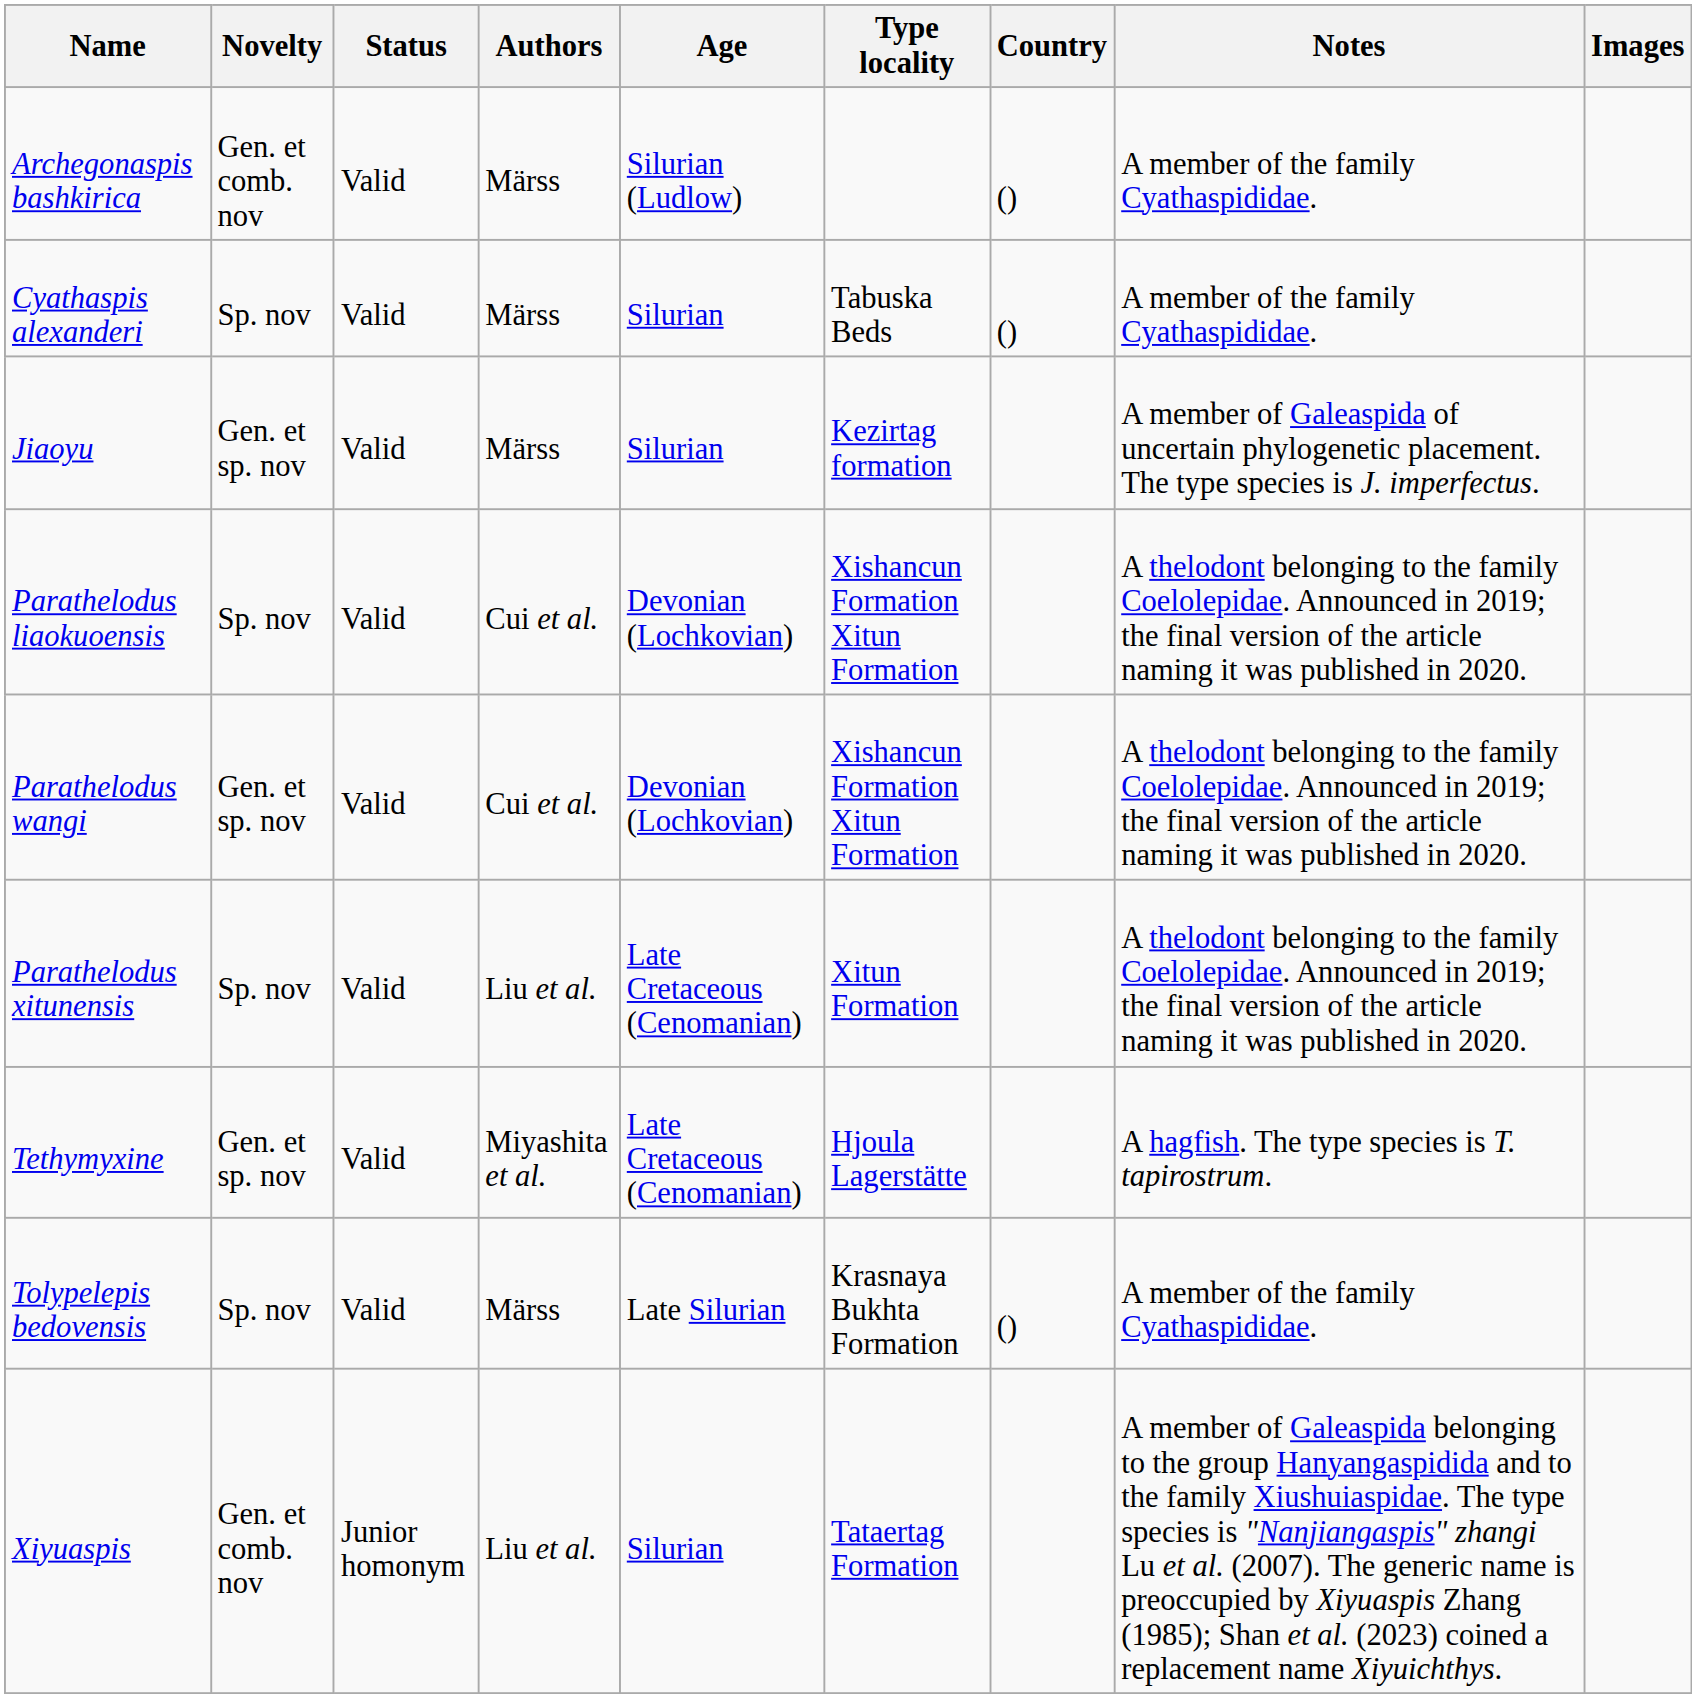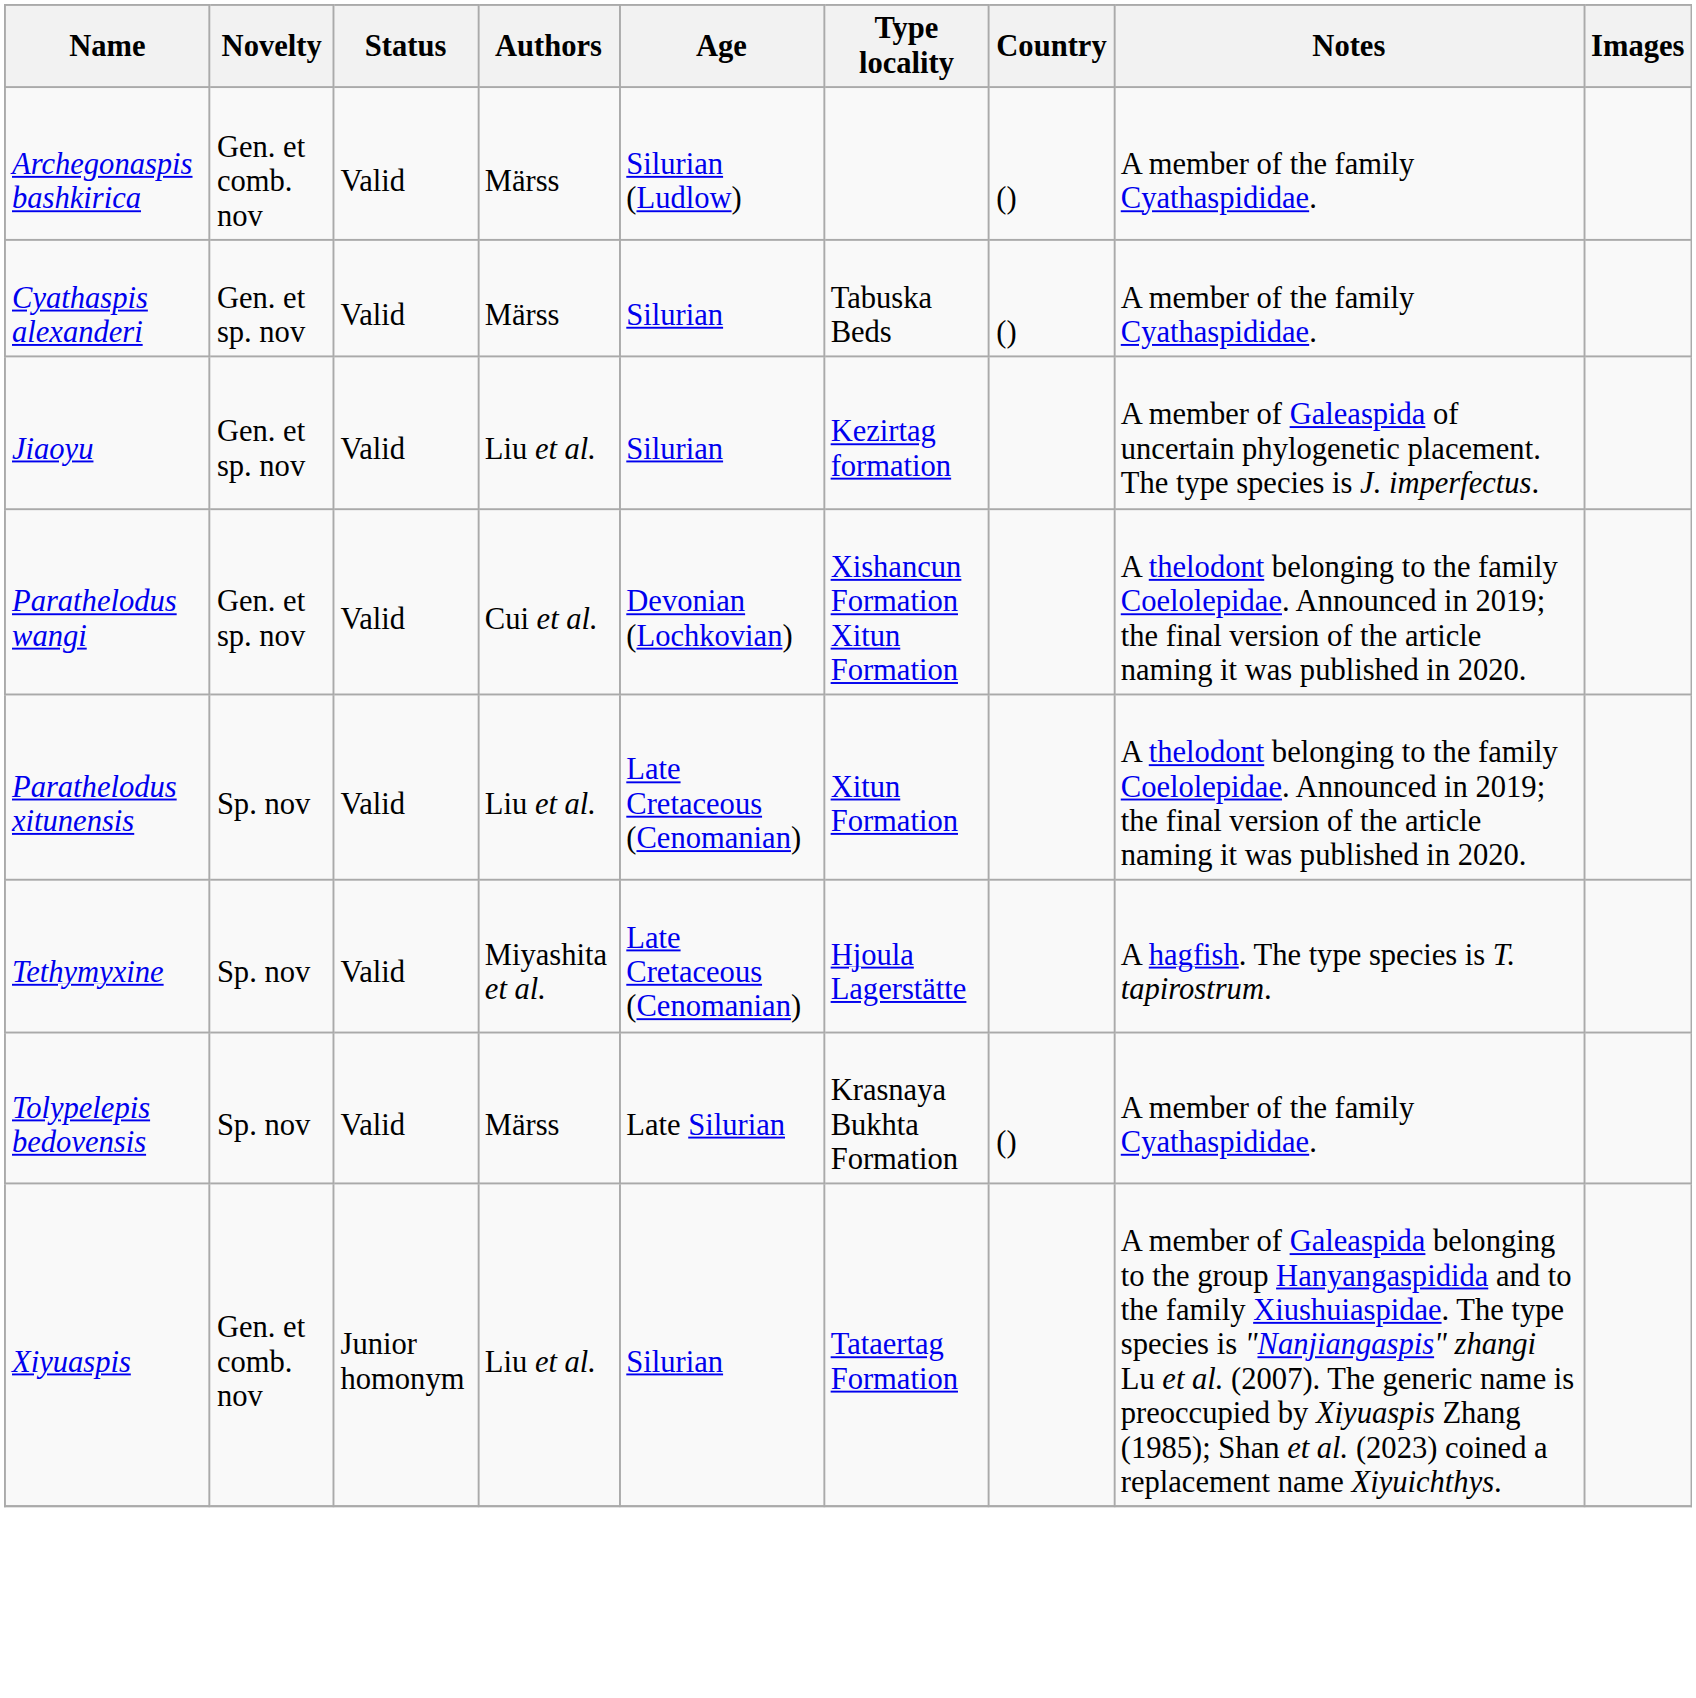 <table class="wikitable sortable" align="center" width="100%">
 <tr>
 <th>Name</th>
 <th>Novelty</th>
 <th>Status</th>
 <th>Authors</th>
 <th>Age</th>
 <th>Type locality</th>
 <th>Country</th>
 <th>Notes</th>
 <th>Images</th>
 </tr>
 <tr>
 <td><br><em><a href='#'>Archegonaspis bashkirica</a></em></td>
 <td><br>Gen. et comb. nov</td>
 <td><br>Valid</td>
 <td><br>Märss</td>
 <td><br><a href='#'>Silurian</a> (<a href='#'>Ludlow</a>)</td>
 <td></td>
 <td><br><br>()</td>
 <td><br>A member of the family <a href='#'>Cyathaspididae</a>.</td>
 <td></td>
 </tr>
 <tr>
 <td><br><em><a href='#'>Cyathaspis alexanderi</a></em></td>
-<td><br>Sp. nov</td>
+<td><br>Gen. et sp. nov</td>
 <td><br>Valid</td>
 <td><br>Märss</td>
 <td><br><a href='#'>Silurian</a></td>
 <td><br>Tabuska Beds</td>
 <td><br><br>()</td>
 <td><br>A member of the family <a href='#'>Cyathaspididae</a>.</td>
 <td></td>
 </tr>
 <tr>
 <td><br><em><a href='#'>Jiaoyu</a></em></td>
 <td><br>Gen. et sp. nov</td>
 <td><br>Valid</td>
-<td><br>Märss</td>
+<td><br>Liu <em>et al.</em></td>
 <td><br><a href='#'>Silurian</a></td>
 <td><br><a href='#'>Kezirtag formation</a></td>
 <td><br></td>
 <td><br>A member of <a href='#'>Galeaspida</a> of uncertain phylogenetic placement. The type species is <em>J. imperfectus</em>.</td>
-<td></td>
-</tr>
-<tr>
-<td><br><em><a href='#'>Parathelodus liaokuoensis</a></em></td>
-<td><br>Sp. nov</td>
-<td><br>Valid</td>
-<td><br>Cui <em>et al.</em></td>
-<td><br><a href='#'>Devonian</a> (<a href='#'>Lochkovian</a>)</td>
-<td><br><a href='#'>Xishancun Formation</a><br> <a href='#'>Xitun Formation</a></td>
-<td><br></td>
-<td><br>A <a href='#'>thelodont</a> belonging to the family <a href='#'>Coelolepidae</a>. Announced in 2019; the final version of the article naming it was published in 2020.</td>
 <td></td>
 </tr>
 <tr>
 <td><br><em><a href='#'>Parathelodus wangi</a></em></td>
 <td><br>Gen. et sp. nov</td>
 <td><br>Valid</td>
 <td><br>Cui <em>et al.</em></td>
 <td><br><a href='#'>Devonian</a> (<a href='#'>Lochkovian</a>)</td>
 <td><br><a href='#'>Xishancun Formation</a><br> <a href='#'>Xitun Formation</a></td>
 <td><br></td>
 <td><br>A <a href='#'>thelodont</a> belonging to the family <a href='#'>Coelolepidae</a>. Announced in 2019; the final version of the article naming it was published in 2020.</td>
 <td></td>
 </tr>
 <tr>
 <td><br><em><a href='#'>Parathelodus xitunensis</a></em></td>
 <td><br>Sp. nov</td>
 <td><br>Valid</td>
 <td><br>Liu <em>et al.</em></td>
 <td><br><a href='#'>Late Cretaceous</a> (<a href='#'>Cenomanian</a>)</td>
 <td><br><a href='#'>Xitun Formation</a></td>
 <td><br></td>
 <td><br>A <a href='#'>thelodont</a> belonging to the family <a href='#'>Coelolepidae</a>. Announced in 2019; the final version of the article naming it was published in 2020.</td>
 <td></td>
 </tr>
 <tr>
 <td><br><em><a href='#'>Tethymyxine</a></em></td>
-<td><br>Gen. et sp. nov</td>
+<td><br>Sp. nov</td>
 <td><br>Valid</td>
 <td><br>Miyashita <em>et al.</em></td>
 <td><br><a href='#'>Late Cretaceous</a> (<a href='#'>Cenomanian</a>)</td>
 <td><br><a href='#'>Hjoula</a> <a href='#'>Lagerstätte</a></td>
 <td><br></td>
 <td><br>A <a href='#'>hagfish</a>. The type species is <em>T. tapirostrum</em>.</td>
 <td></td>
 </tr>
 <tr>
 <td><br><em><a href='#'>Tolypelepis bedovensis</a></em></td>
 <td><br>Sp. nov</td>
 <td><br>Valid</td>
 <td><br>Märss</td>
 <td><br>Late <a href='#'>Silurian</a></td>
 <td><br>Krasnaya Bukhta Formation</td>
 <td><br><br>()</td>
 <td><br>A member of the family <a href='#'>Cyathaspididae</a>.</td>
 <td></td>
 </tr>
 <tr>
 <td><br><em><a href='#'>Xiyuaspis</a></em></td>
 <td><br>Gen. et comb. nov</td>
 <td><br>Junior homonym</td>
 <td><br>Liu <em>et al.</em></td>
 <td><br><a href='#'>Silurian</a></td>
 <td><br><a href='#'>Tataertag Formation</a></td>
 <td><br></td>
 <td><br>A member of <a href='#'>Galeaspida</a> belonging to the group <a href='#'>Hanyangaspidida</a> and to the family <a href='#'>Xiushuiaspidae</a>. The type species is <em>"<a href='#'>Nanjiangaspis</a>" zhangi</em> Lu <em>et al.</em> (2007). The generic name is preoccupied by <em>Xiyuaspis</em> Zhang (1985); Shan <em>et al.</em> (2023) coined a replacement name <em>Xiyuichthys</em>.</td>
 <td></td>
 </tr>
 <tr>
 </tr>
 </table>
